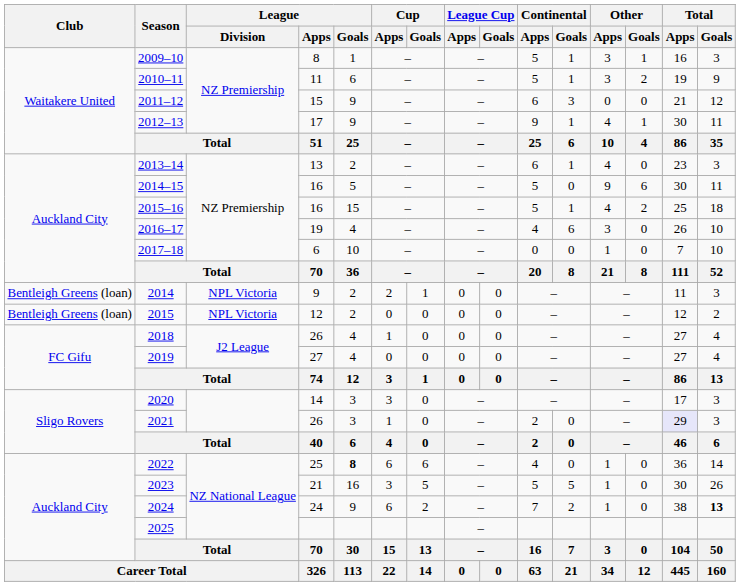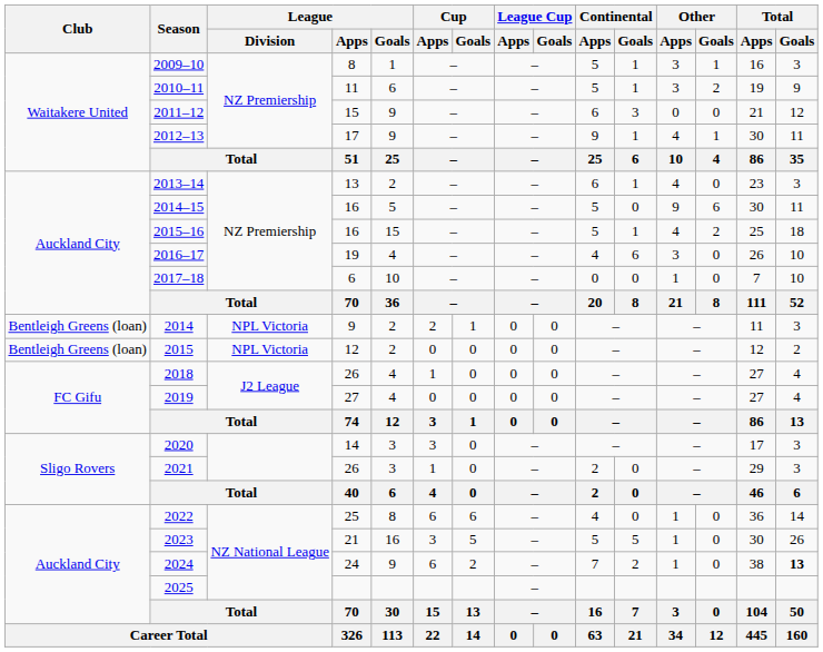 <table class="wikitable" style="font-size:90%; text-align:center">
 <tr>
 <th rowspan="2">Club</th>
 <th rowspan="2">Season</th>
 <th colspan="3">League</th>
 <th colspan="2">Cup</th>
 <th colspan="2"><a href='#'>League Cup</a></th>
 <th colspan="2">Continental</th>
 <th colspan="2">Other</th>
 <th colspan="2">Total</th>
 </tr>
 <tr>
 <th>Division</th>
 <th>Apps</th>
 <th>Goals</th>
 <th>Apps</th>
 <th>Goals</th>
 <th>Apps</th>
 <th>Goals</th>
 <th>Apps</th>
 <th>Goals</th>
 <th>Apps</th>
 <th>Goals</th>
 <th>Apps</th>
 <th>Goals</th>
 </tr>
 <tr>
 <td rowspan="5"><a href='#'>Waitakere United</a></td>
 <td><a href='#'>2009–10</a></td>
 <td rowspan="4"><a href='#'>NZ Premiership</a></td>
 <td>8</td>
 <td>1</td>
 <td colspan=2>–</td>
 <td colspan=2>–</td>
 <td>5</td>
 <td>1</td>
 <td>3</td>
 <td>1</td>
 <td>16</td>
 <td>3</td>
 </tr>
 <tr>
 <td><a href='#'>2010–11</a></td>
 <td>11</td>
 <td>6</td>
 <td colspan=2>–</td>
 <td colspan=2>–</td>
 <td>5</td>
 <td>1</td>
 <td>3</td>
 <td>2</td>
 <td>19</td>
 <td>9</td>
 </tr>
 <tr>
 <td><a href='#'>2011–12</a></td>
 <td>15</td>
 <td>9</td>
 <td colspan=2>–</td>
 <td colspan=2>–</td>
 <td>6</td>
 <td>3</td>
 <td>0</td>
 <td>0</td>
 <td>21</td>
 <td>12</td>
 </tr>
 <tr>
 <td><a href='#'>2012–13</a></td>
 <td>17</td>
 <td>9</td>
 <td colspan=2>–</td>
 <td colspan=2>–</td>
 <td>9</td>
 <td>1</td>
 <td>4</td>
 <td>1</td>
 <td>30</td>
 <td>11</td>
 </tr>
 <tr>
 <th colspan="2">Total</th>
 <th>51</th>
 <th>25</th>
 <th colspan=2>–</th>
 <th colspan=2>–</th>
 <th>25</th>
 <th>6</th>
 <th>10</th>
 <th>4</th>
 <th>86</th>
 <th>35</th>
 </tr>
 <tr>
 <td rowspan=6><a href='#'>Auckland City</a></td>
 <td><a href='#'>2013–14</a></td>
 <td rowspan=5>NZ Premiership</td>
 <td>13</td>
 <td>2</td>
 <td colspan=2>–</td>
 <td colspan=2>–</td>
 <td>6</td>
 <td>1</td>
 <td>4</td>
 <td>0</td>
 <td>23</td>
 <td>3</td>
 </tr>
 <tr>
 <td><a href='#'>2014–15</a></td>
 <td>16</td>
 <td>5</td>
 <td colspan=2>–</td>
 <td colspan=2>–</td>
 <td>5</td>
 <td>0</td>
 <td>9</td>
 <td>6</td>
 <td>30</td>
 <td>11</td>
 </tr>
 <tr>
 <td><a href='#'>2015–16</a></td>
 <td>16</td>
 <td>15</td>
 <td colspan=2>–</td>
 <td colspan=2>–</td>
 <td>5</td>
 <td>1</td>
 <td>4</td>
 <td>2</td>
 <td>25</td>
 <td>18</td>
 </tr>
 <tr>
 <td><a href='#'>2016–17</a></td>
 <td>19</td>
 <td>4</td>
 <td colspan=2>–</td>
 <td colspan=2>–</td>
 <td>4</td>
 <td>6</td>
 <td>3</td>
 <td>0</td>
 <td>26</td>
 <td>10</td>
 </tr>
 <tr>
 <td><a href='#'>2017–18</a></td>
 <td>6</td>
 <td>10</td>
 <td colspan=2>–</td>
 <td colspan=2>–</td>
 <td>0</td>
 <td>0</td>
 <td>1</td>
 <td>0</td>
 <td>7</td>
 <td>10</td>
 </tr>
 <tr>
 <th colspan="2">Total</th>
 <th>70</th>
 <th>36</th>
 <th colspan=2>–</th>
 <th colspan=2>–</th>
 <th>20</th>
 <th>8</th>
 <th>21</th>
 <th>8</th>
 <th>111</th>
 <th>52</th>
 </tr>
 <tr>
 <td><a href='#'>Bentleigh Greens</a> (loan)</td>
 <td><a href='#'>2014</a></td>
 <td><a href='#'>NPL Victoria</a></td>
 <td>9</td>
 <td>2</td>
 <td>2</td>
 <td>1</td>
 <td>0</td>
 <td>0</td>
 <td colspan=2>–</td>
 <td colspan=2>–</td>
 <td>11</td>
 <td>3</td>
 </tr>
 <tr>
 <td><a href='#'>Bentleigh Greens</a> (loan)</td>
 <td><a href='#'>2015</a></td>
 <td><a href='#'>NPL Victoria</a></td>
 <td>12</td>
 <td>2</td>
 <td>0</td>
 <td>0</td>
 <td>0</td>
 <td>0</td>
 <td colspan=2>–</td>
 <td colspan=2>–</td>
 <td>12</td>
 <td>2</td>
 </tr>
 <tr>
 <td rowspan="3"><a href='#'>FC Gifu</a></td>
 <td><a href='#'>2018</a></td>
 <td rowspan="2"><a href='#'>J2 League</a></td>
 <td>26</td>
 <td>4</td>
 <td>1</td>
 <td>0</td>
 <td>0</td>
 <td>0</td>
 <td colspan=2>–</td>
 <td colspan=2>–</td>
 <td>27</td>
 <td>4</td>
 </tr>
 <tr>
 <td><a href='#'>2019</a></td>
 <td>27</td>
 <td>4</td>
 <td>0</td>
 <td>0</td>
 <td>0</td>
 <td>0</td>
 <td colspan=2>–</td>
 <td colspan=2>–</td>
 <td>27</td>
 <td>4</td>
 </tr>
 <tr>
 <th colspan="2">Total</th>
 <th>74</th>
 <th>12</th>
 <th>3</th>
 <th>1</th>
 <th>0</th>
 <th>0</th>
 <th colspan=2>–</th>
 <th colspan=2>–</th>
 <th>86</th>
 <th>13</th>
 </tr>
 <tr>
 <td rowspan="3"><a href='#'>Sligo Rovers</a></td>
 <td><a href='#'>2020</a></td>
 <td rowspan="2"></td>
 <td>14</td>
 <td>3</td>
 <td>3</td>
 <td>0</td>
 <td colspan=2>–</td>
 <td colspan=2>–</td>
 <td colspan=2>–</td>
 <td>17</td>
 <td>3</td>
 </tr>
 <tr>
 <td><a href='#'>2021</a></td>
 <td>26</td>
 <td>3</td>
 <td>1</td>
 <td>0</td>
 <td colspan=2>–</td>
 <td>2</td>
 <td>0</td>
 <td colspan=2>–</td>
-<td style="background: lavender;">29</td>
+<td>29</td>
 <td>3</td>
 </tr>
 <tr>
 <th colspan="2">Total</th>
 <th>40</th>
 <th>6</th>
 <th>4</th>
 <th>0</th>
 <th colspan=2>–</th>
 <th>2</th>
 <th>0</th>
 <th colspan=2>–</th>
 <th>46</th>
 <th>6</th>
 </tr>
 <tr>
 <td rowspan="5"><a href='#'>Auckland City</a></td>
 <td><a href='#'>2022</a></td>
 <td rowspan=4><a href='#'>NZ National League</a></td>
 <td>25</td>
-<td><strong>8</strong></td>
+<td>8</td>
 <td>6</td>
 <td>6</td>
 <td colspan=2>–</td>
 <td>4</td>
 <td>0</td>
 <td>1</td>
 <td>0</td>
 <td>36</td>
 <td>14</td>
 </tr>
 <tr>
 <td><a href='#'>2023</a></td>
 <td>21</td>
 <td>16</td>
 <td>3</td>
 <td>5</td>
 <td colspan=2>–</td>
 <td>5</td>
 <td>5</td>
 <td>1</td>
 <td>0</td>
 <td>30</td>
 <td>26</td>
 </tr>
 <tr>
 <td><a href='#'>2024</a></td>
 <td>24</td>
 <td>9</td>
 <td>6</td>
 <td>2</td>
 <td colspan=2>–</td>
 <td>7</td>
 <td>2</td>
 <td>1</td>
 <td>0</td>
 <td>38</td>
 <td><strong>13</strong></td>
 </tr>
 <tr>
 <td><a href='#'>2025</a></td>
 <td></td>
 <td></td>
 <td></td>
 <td></td>
 <td colspan=2>–</td>
 <td></td>
 <td></td>
 <td></td>
 <td></td>
 <td></td>
 </tr>
 <tr>
 <th colspan="2">Total</th>
 <th>70</th>
 <th>30</th>
 <th>15</th>
 <th>13</th>
 <th colspan=2>–</th>
 <th>16</th>
 <th>7</th>
 <th>3</th>
 <th>0</th>
 <th>104</th>
 <th>50</th>
 </tr>
 <tr>
 <th colspan="3">Career Total</th>
 <th>326</th>
 <th>113</th>
 <th>22</th>
 <th>14</th>
 <th>0</th>
 <th>0</th>
 <th>63</th>
 <th>21</th>
 <th>34</th>
 <th>12</th>
 <th>445</th>
 <th>160</th>
 </tr>
 </table>
